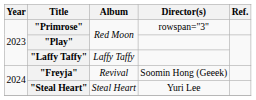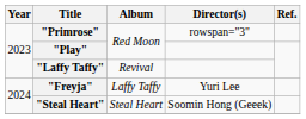 <table class="wikitable plainrowheaders" style="text-align:center;">
 <tr>
 <th>Year</th>
 <th>Title</th>
 <th>Album</th>
 <th>Director(s)</th>
 <th {{abbr>Ref.</th>
 </tr>
 <tr>
 <td rowspan="3">2023</td>
 <th scope="row">"Primrose"</th>
 <td rowspan="2"><em>Red Moon</em></td>
 <td>rowspan="3" </td>
 <td></td>
 </tr>
 <tr>
 <th scope="row">"Play"</th>
 <td></td>
 </tr>
 <tr>
 <th scope="row">"Laffy Taffy"</th>
-<td scope="row"><em>Laffy Taffy </em></td>
+<td scope="row"><em>Revival</em></td>
 <td></td>
 </tr>
 <tr>
 <td rowspan="2">2024</td>
 <th scope="row">"Freyja"</th>
-<td scope="row"><em>Revival</em></td>
-<td>Soomin Hong (Geeek)</td>
+<td scope="row"><em>Laffy Taffy </em></td>
+<td>Yuri Lee</td>
 <td></td>
 </tr>
 <tr>
 <th scope="row">"Steal Heart"</th>
 <td scope="row"><em>Steal Heart</em></td>
-<td>Yuri Lee</td>
+<td>Soomin Hong (Geeek)</td>
 <td></td>
 </tr>
 <tr>
 </tr>
 </table>
